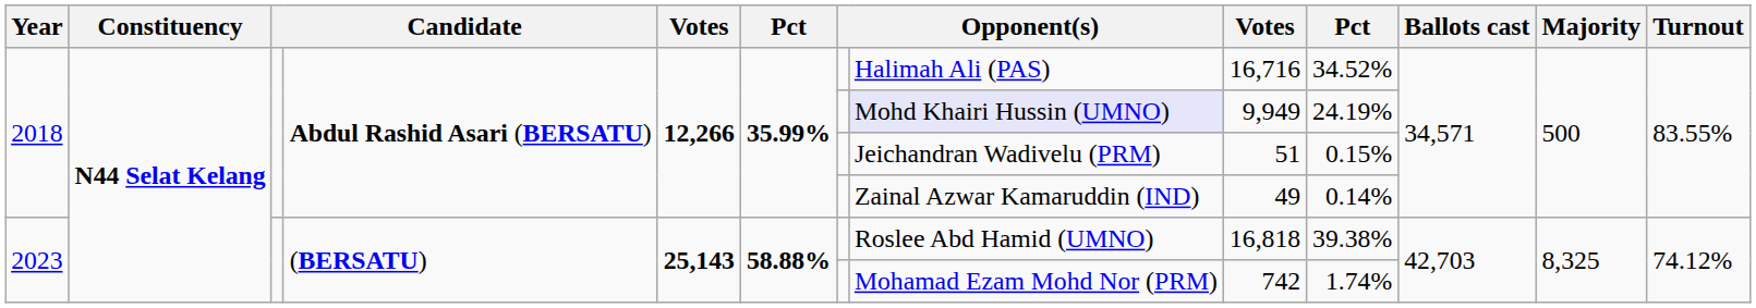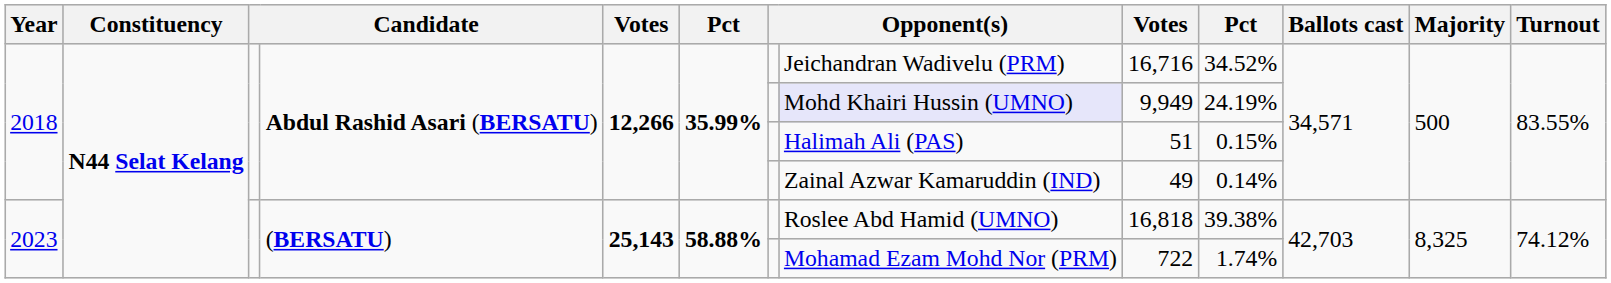 <table class="wikitable" style="margin:0.5em ; font-size:95%">
 <tr>
 <th>Year</th>
 <th>Constituency</th>
 <th colspan=2>Candidate</th>
 <th>Votes</th>
 <th>Pct</th>
 <th colspan=2>Opponent(s)</th>
 <th>Votes</th>
 <th>Pct</th>
 <th>Ballots cast</th>
 <th>Majority</th>
 <th>Turnout</th>
 </tr>
 <tr>
 <td rowspan=4><a href='#'>2018</a></td>
 <td rowspan="6"><strong>N44 <a href='#'>Selat Kelang</a></strong></td>
 <td rowspan=4 ></td>
 <td rowspan=4><strong>Abdul Rashid Asari</strong> (<a href='#'><strong>BERSATU</strong></a>)</td>
 <td rowspan=4 align="right"><strong>12,266</strong></td>
 <td rowspan=4><strong>35.99%</strong></td>
 <td></td>
-<td><a href='#'>Halimah Ali</a> (<a href='#'>PAS</a>)</td>
+<td>Jeichandran Wadivelu (<a href='#'>PRM</a>)</td>
 <td align="right">16,716</td>
 <td>34.52%</td>
 <td rowspan=4>34,571</td>
 <td rowspan=4>500</td>
 <td rowspan=4>83.55%</td>
 </tr>
 <tr>
 <td></td>
 <td style="background: lavender;">Mohd Khairi Hussin (<a href='#'>UMNO</a>)</td>
 <td align="right">9,949</td>
 <td>24.19%</td>
 </tr>
 <tr>
 <td bgcolor=></td>
-<td>Jeichandran Wadivelu (<a href='#'>PRM</a>)</td>
+<td><a href='#'>Halimah Ali</a> (<a href='#'>PAS</a>)</td>
 <td align="right">51</td>
 <td align="right">0.15%</td>
 </tr>
 <tr>
 <td></td>
 <td>Zainal Azwar Kamaruddin (<a href='#'>IND</a>)</td>
 <td align="right">49</td>
 <td align="right">0.14%</td>
 </tr>
 <tr>
 <td rowspan="2"><a href='#'>2023</a></td>
 <td rowspan="2"></td>
 <td rowspan="2"><strong></strong> (<a href='#'><strong>BERSATU</strong></a>)</td>
 <td rowspan="2" align=right><strong>25,143</strong></td>
 <td rowspan="2"><strong>58.88%</strong></td>
 <td></td>
 <td>Roslee Abd Hamid (<a href='#'>UMNO</a>)</td>
 <td align=right>16,818</td>
 <td>39.38%</td>
 <td rowspan="2">42,703</td>
 <td rowspan="2">8,325</td>
 <td rowspan="2">74.12%</td>
 </tr>
 <tr>
 <td></td>
 <td><a href='#'>Mohamad Ezam Mohd Nor</a> (<a href='#'>PRM</a>)</td>
-<td align=right>742</td>
+<td align=right>722</td>
 <td align=right>1.74%</td>
 </tr>
 </table>
